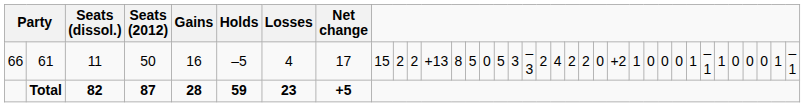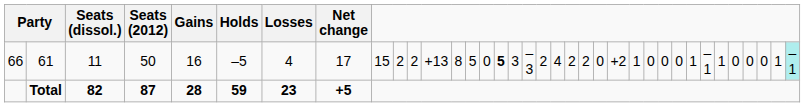 <table class="wikitable">
 <tr>
 <th colspan=2>Party</th>
 <th>Seats<br>(dissol.)</th>
 <th>Seats<br>(2012)</th>
 <th>Gains</th>
 <th>Holds</th>
 <th>Losses</th>
 <th>Net change</th>
 </tr>
 <tr>
 <td style="text-align:center;">66</td>
 <td style="text-align:center;">61</td>
 <td style="text-align:center;">11</td>
 <td style="text-align:center;">50</td>
 <td style="text-align:center;">16</td>
 <td style="text-align:center;">–5<br></td>
 <td style="text-align:center;">4</td>
 <td style="text-align:center;">17</td>
 <td style="text-align:center;">15</td>
 <td style="text-align:center;">2</td>
 <td style="text-align:center;">2</td>
 <td style="text-align:center;">+13<br></td>
 <td style="text-align:center;">8</td>
 <td style="text-align:center;">5</td>
 <td style="text-align:center;">0</td>
-<td style="text-align:center;">5</td>
+<td style="text-align:center;"><strong>5</strong></td>
 <td style="text-align:center;">3</td>
 <td style="text-align:center;">–3<br></td>
 <td style="text-align:center;">2</td>
 <td style="text-align:center;">4</td>
 <td style="text-align:center;">2</td>
 <td style="text-align:center;">2</td>
 <td style="text-align:center;">0</td>
 <td style="text-align:center;">+2<br></td>
 <td style="text-align:center;">1</td>
 <td style="text-align:center;">0</td>
 <td style="text-align:center;">0</td>
 <td style="text-align:center;">0</td>
 <td style="text-align:center;">1</td>
 <td style="text-align:center;">–1<br></td>
 <td style="text-align:center;">1</td>
 <td style="text-align:center;">0</td>
 <td style="text-align:center;">0</td>
 <td style="text-align:center;">0</td>
 <td style="text-align:center;">1</td>
-<td style="text-align:center;">–1</td>
+<td style="background: paleturquoise; text-align:center;">–1</td>
 </tr>
 <tr>
 <td></td>
 <td style="text-align:center;"><strong>Total</strong></td>
 <td style="text-align:center;"><strong>82</strong></td>
 <td style="text-align:center;"><strong>87</strong></td>
 <td style="text-align:center;"><strong>28</strong></td>
 <td style="text-align:center;"><strong>59</strong></td>
 <td style="text-align:center;"><strong>23</strong></td>
 <td style="text-align:center;"><strong>+5</strong></td>
 </tr>
 </table>
